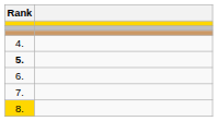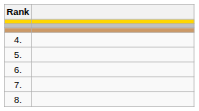 <table class="wikitable" style="border-collapse: collapse; font-size: 94%;">
 <tr>
 <th>Rank</th>
 <th align="left" style="width: 17em"></th>
 </tr>
 <tr bgcolor=gold>
 <td align=center></td>
 <td></td>
 </tr>
 <tr bgcolor=silver>
 <td align=center></td>
 <td></td>
 </tr>
 <tr bgcolor=cc9966>
 <td align=center></td>
 <td></td>
 </tr>
 <tr>
 <td align="center">4.</td>
 <td></td>
 </tr>
 <tr>
-<td align="center"><strong>5.</strong></td>
+<td align="center">5.</td>
 <td></td>
 </tr>
 <tr>
 <td align="center">6.</td>
 <td></td>
 </tr>
 <tr>
 <td align="center">7.</td>
 <td></td>
 </tr>
 <tr>
-<td align="center" style="background: gold;">8.</td>
+<td align="center">8.</td>
 <td></td>
 </tr>
 </table>
